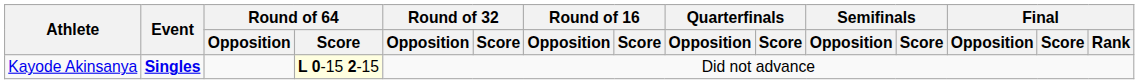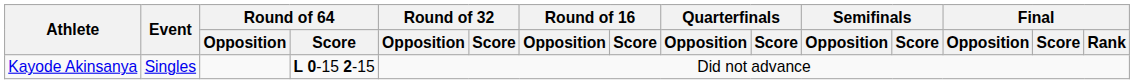 <table class=wikitable style="font-size:90%">
 <tr>
 <th rowspan="2">Athlete</th>
 <th rowspan="2">Event</th>
 <th colspan="2">Round of 64</th>
 <th colspan="2">Round of 32</th>
 <th colspan="2">Round of 16</th>
 <th colspan="2">Quarterfinals</th>
 <th colspan="2">Semifinals</th>
 <th colspan="3">Final</th>
 </tr>
 <tr>
 <th>Opposition</th>
 <th>Score</th>
 <th>Opposition</th>
 <th>Score</th>
 <th>Opposition</th>
 <th>Score</th>
 <th>Opposition</th>
 <th>Score</th>
 <th>Opposition</th>
 <th>Score</th>
 <th>Opposition</th>
 <th>Score</th>
 <th>Rank</th>
 </tr>
 <tr>
 <td><a href='#'>Kayode Akinsanya</a></td>
-<td><strong><a href='#'>Singles</a></strong></td>
+<td><a href='#'>Singles</a></td>
 <td align=center></td>
-<td align=center style="background: lightyellow;"><strong>L</strong> <strong>0</strong>-15 <strong>2</strong>-15</td>
+<td align=center><strong>L</strong> <strong>0</strong>-15 <strong>2</strong>-15</td>
 <td align=center colspan=11>Did not advance</td>
 </tr>
 </table>
